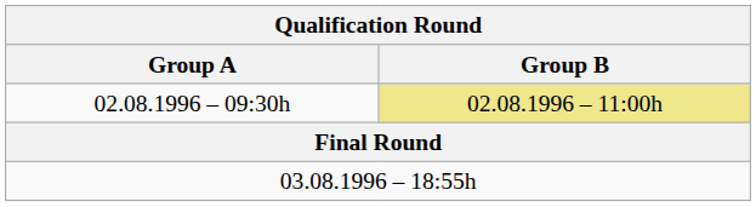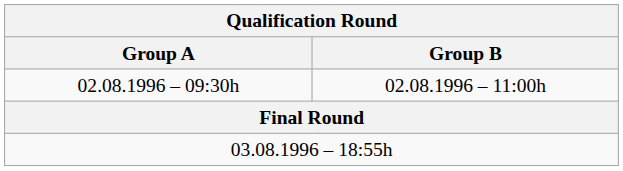 <table class="wikitable" style=" text-align:center; font-size:110%;" width="35%">
 <tr>
 <th colspan="2">Qualification Round</th>
 </tr>
 <tr>
 <th>Group A</th>
 <th>Group B</th>
 </tr>
 <tr>
 <td>02.08.1996 – 09:30h</td>
-<td style="background: khaki;">02.08.1996 – 11:00h</td>
+<td>02.08.1996 – 11:00h</td>
 </tr>
 <tr>
 <th colspan="2">Final Round</th>
 </tr>
 <tr>
 <td colspan="2">03.08.1996 – 18:55h</td>
 </tr>
 </table>
